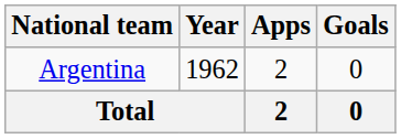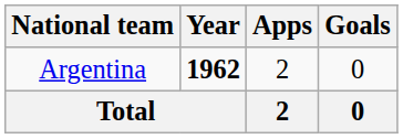 <table class="wikitable" style="text-align:center">
 <tr>
 <th>National team</th>
 <th>Year</th>
 <th>Apps</th>
 <th>Goals</th>
 </tr>
 <tr>
 <td rowspan="1"><a href='#'>Argentina</a></td>
-<td>1962</td>
+<td><strong>1962</strong></td>
 <td>2</td>
 <td>0</td>
 </tr>
 <tr>
 <th colspan=2>Total</th>
 <th>2</th>
 <th>0</th>
 </tr>
 </table>
